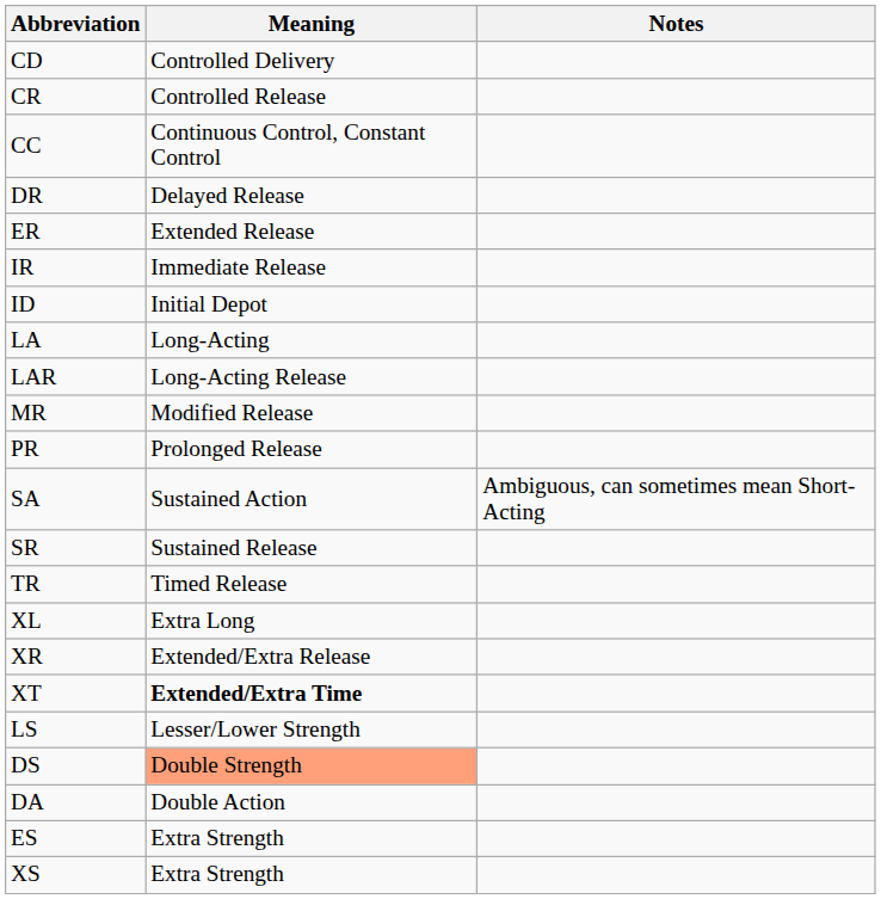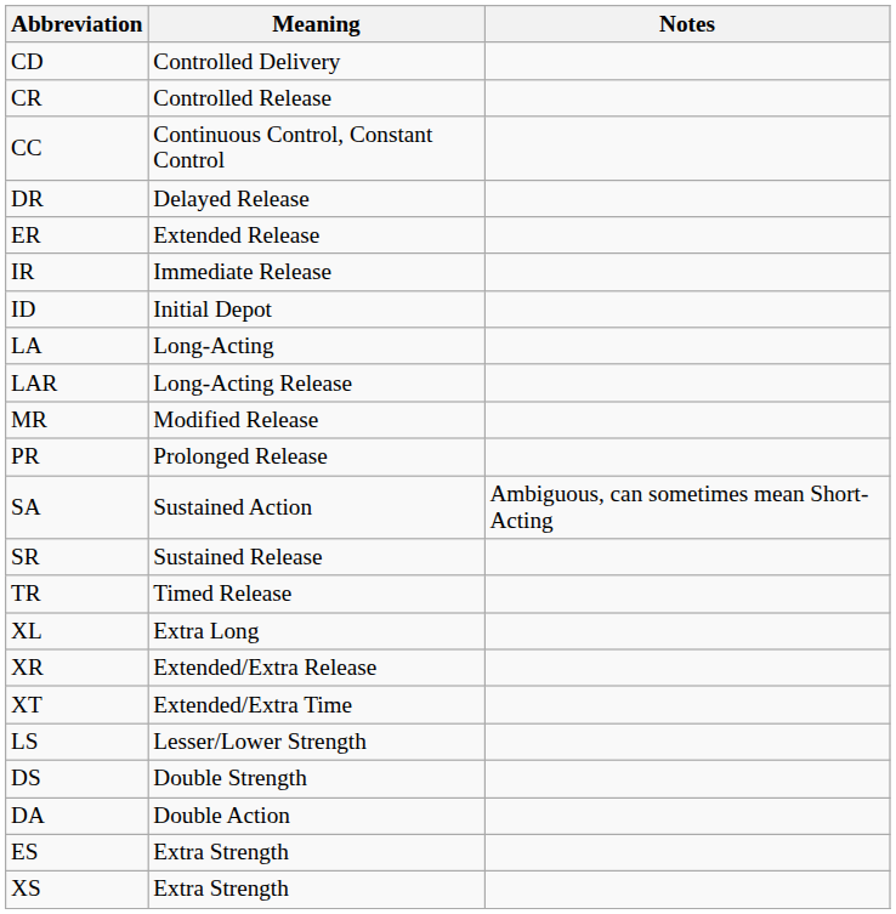 <table class="wikitable sortable" border="1">
 <tr>
 <th>Abbreviation</th>
 <th>Meaning</th>
 <th>Notes</th>
 </tr>
 <tr>
 <td>CD</td>
 <td>Controlled Delivery</td>
 <td></td>
 </tr>
 <tr>
 <td>CR</td>
 <td>Controlled Release</td>
 <td></td>
 </tr>
 <tr>
 <td>CC</td>
 <td>Continuous Control, Constant Control</td>
 <td></td>
 </tr>
 <tr>
 <td>DR</td>
 <td>Delayed Release</td>
 <td></td>
 </tr>
 <tr>
 <td>ER</td>
 <td>Extended Release</td>
 <td></td>
 </tr>
 <tr>
 <td>IR</td>
 <td>Immediate Release</td>
 <td></td>
 </tr>
 <tr>
 <td>ID</td>
 <td>Initial Depot</td>
 <td></td>
 </tr>
 <tr>
 <td>LA</td>
 <td>Long-Acting</td>
 <td></td>
 </tr>
 <tr>
 <td>LAR</td>
 <td>Long-Acting Release</td>
 <td></td>
 </tr>
 <tr>
 <td>MR</td>
 <td>Modified Release</td>
 <td></td>
 </tr>
 <tr>
 <td>PR</td>
 <td>Prolonged Release</td>
 <td></td>
 </tr>
 <tr>
 <td>SA</td>
 <td>Sustained Action</td>
 <td>Ambiguous, can sometimes mean Short-Acting</td>
 </tr>
 <tr>
 <td>SR</td>
 <td>Sustained Release</td>
 <td></td>
 </tr>
 <tr>
 <td>TR</td>
 <td>Timed Release</td>
 <td></td>
 </tr>
 <tr>
 <td>XL</td>
 <td>Extra Long</td>
 <td></td>
 </tr>
 <tr>
 <td>XR</td>
 <td>Extended/Extra Release</td>
 <td></td>
 </tr>
 <tr>
 <td>XT</td>
-<td><strong>Extended/Extra Time</strong></td>
+<td>Extended/Extra Time</td>
 <td></td>
 </tr>
 <tr>
 <td>LS</td>
 <td>Lesser/Lower Strength</td>
 <td></td>
 </tr>
 <tr>
 <td>DS</td>
-<td style="background: lightsalmon;">Double Strength</td>
+<td>Double Strength</td>
 <td></td>
 </tr>
 <tr>
 <td>DA</td>
 <td>Double Action</td>
 <td></td>
 </tr>
 <tr>
 <td>ES</td>
 <td>Extra Strength</td>
 <td></td>
 </tr>
 <tr>
 <td>XS</td>
 <td>Extra Strength</td>
 <td></td>
 </tr>
 <tr>
 </tr>
 </table>
